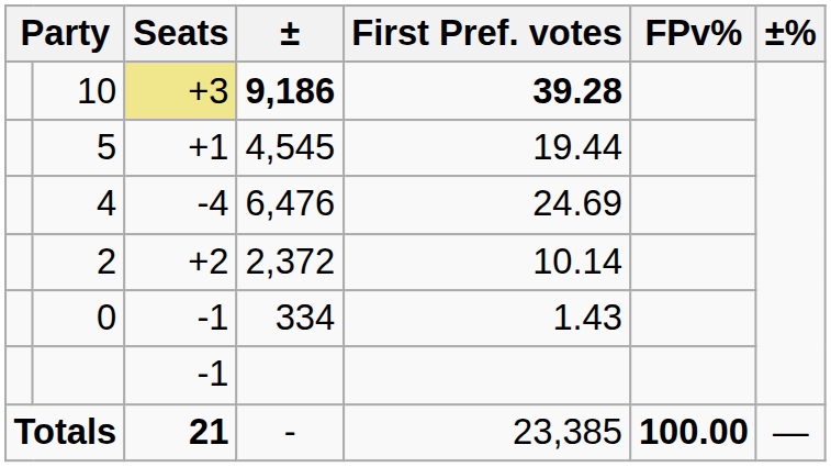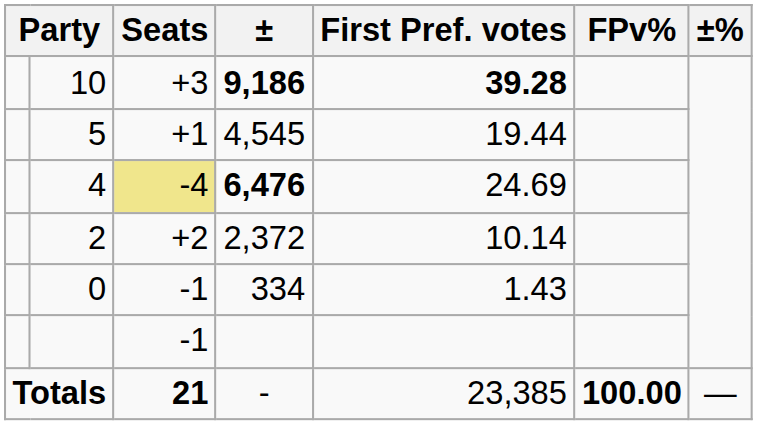 <table class=wikitable>
 <tr>
 <th colspan=2 align=center>Party</th>
 <th valign=top>Seats</th>
 <th valign=top>±</th>
 <th valign=top>First Pref. votes</th>
 <th valign=top>FPv%</th>
 <th valign=top>±%</th>
 </tr>
 <tr>
 <td></td>
 <td align=right>10</td>
-<td align=right style="background: khaki;">+3</td>
+<td align=right>+3</td>
 <td align=right><strong>9,186</strong></td>
 <td align=right><strong>39.28</strong></td>
 <td align=right></td>
 </tr>
 <tr>
 <td></td>
 <td align=right>5</td>
 <td align=right>+1</td>
 <td align=right>4,545</td>
 <td align=right>19.44</td>
 <td align=right></td>
 </tr>
 <tr>
 <td></td>
 <td align=right>4</td>
-<td align=right>-4</td>
-<td align=right>6,476</td>
+<td align=right style="background: khaki;">-4</td>
+<td align=right><strong>6,476</strong></td>
 <td align=right>24.69</td>
 <td align=right></td>
 </tr>
 <tr>
 <td></td>
 <td align=right>2</td>
 <td align=right>+2</td>
 <td align=right>2,372</td>
 <td align=right>10.14</td>
 <td align=right></td>
 </tr>
 <tr>
 <td></td>
 <td align=right>0</td>
 <td align=right>-1</td>
 <td align=right>334</td>
 <td align=right>1.43</td>
 <td align=right></td>
 </tr>
 <tr>
 <td></td>
 <td></td>
 <td align=right>-1</td>
 <td></td>
 <td></td>
 <td align=right></td>
 </tr>
 <tr>
 <td colspan=2 align=center><strong>Totals</strong></td>
 <td align=right><strong>21</strong></td>
 <td align=center>-</td>
 <td align=right>23,385</td>
 <td align=center><strong>100.00</strong></td>
 <td align=center>—</td>
 </tr>
 </table>
